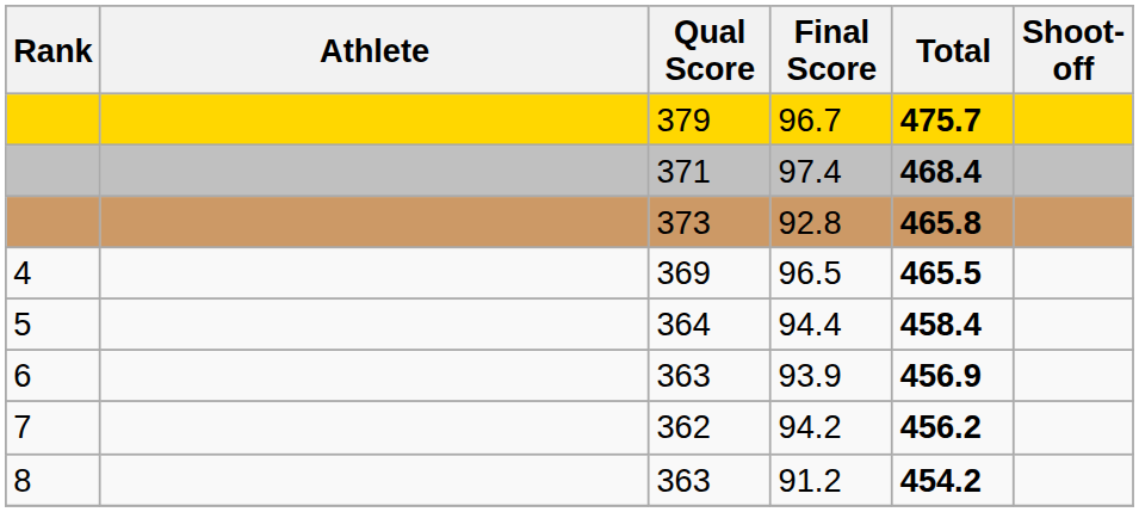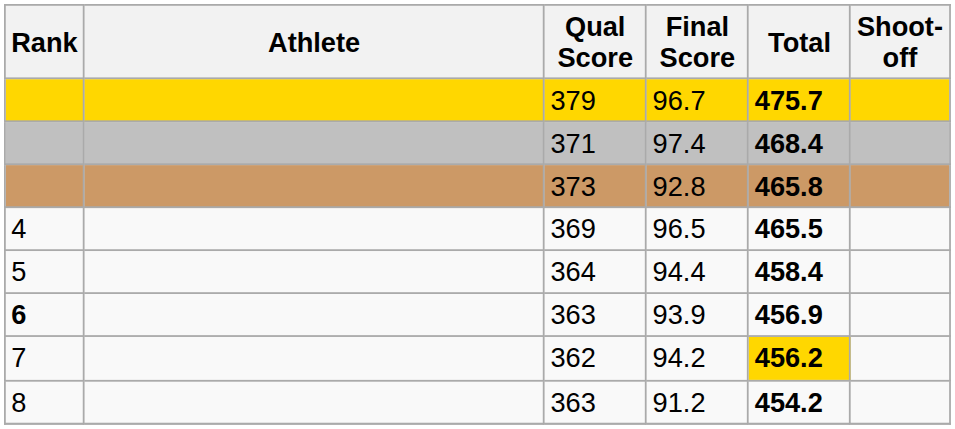 <table class="wikitable" style="font-size:95%" style="width:35em;" style="text-align:center">
 <tr>
 <th>Rank</th>
 <th width=250>Athlete</th>
 <th width=50>Qual Score</th>
 <th width=50>Final Score</th>
 <th width=50>Total</th>
 <th width=40>Shoot-off</th>
 </tr>
 <tr bgcolor=gold>
 <td></td>
 <td align=left></td>
 <td>379</td>
 <td>96.7</td>
 <td><strong>475.7</strong></td>
 <td></td>
 </tr>
 <tr bgcolor=silver>
 <td></td>
 <td align=left></td>
 <td>371</td>
 <td>97.4</td>
 <td><strong>468.4</strong></td>
 <td></td>
 </tr>
 <tr bgcolor=cc9966>
 <td></td>
 <td align=left></td>
 <td>373</td>
 <td>92.8</td>
 <td><strong>465.8</strong></td>
 <td></td>
 </tr>
 <tr>
 <td>4</td>
 <td align=left></td>
 <td>369</td>
 <td>96.5</td>
 <td><strong>465.5</strong></td>
 <td></td>
 </tr>
 <tr>
 <td>5</td>
 <td align=left></td>
 <td>364</td>
 <td>94.4</td>
 <td><strong>458.4</strong></td>
 <td></td>
 </tr>
 <tr>
-<td>6</td>
+<td><strong>6</strong></td>
 <td align=left></td>
 <td>363</td>
 <td>93.9</td>
 <td><strong>456.9</strong></td>
 <td></td>
 </tr>
 <tr>
 <td>7</td>
 <td align=left></td>
 <td>362</td>
 <td>94.2</td>
-<td><strong>456.2</strong></td>
+<td style="background: gold;"><strong>456.2</strong></td>
 <td></td>
 </tr>
 <tr>
 <td>8</td>
 <td align=left></td>
 <td>363</td>
 <td>91.2</td>
 <td><strong>454.2</strong></td>
 <td></td>
 </tr>
 <tr>
 </tr>
 </table>
